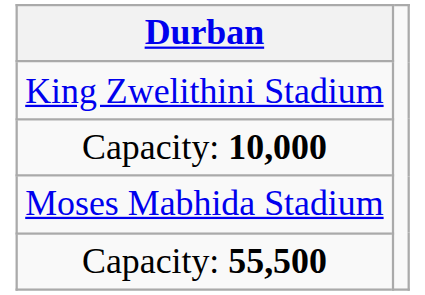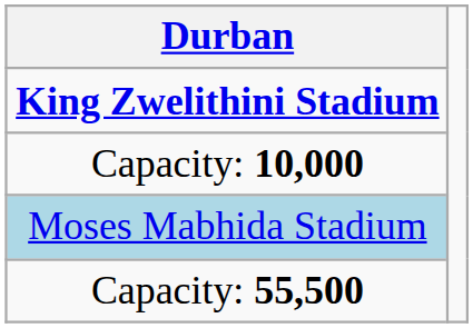 <table class="wikitable" style="text-align:center; margin:0.2em auto;">
 <tr>
 <th><a href='#'>Durban</a></th>
 <td rowspan="5"></td>
 </tr>
 <tr>
-<td><a href='#'>King Zwelithini Stadium</a></td>
+<td><strong><a href='#'>King Zwelithini Stadium</a></strong></td>
 </tr>
 <tr>
 <td>Capacity: <strong>10,000</strong></td>
 </tr>
 <tr>
-<td><a href='#'>Moses Mabhida Stadium</a></td>
+<td style="background: lightblue;"><a href='#'>Moses Mabhida Stadium</a></td>
 </tr>
 <tr>
 <td>Capacity: <strong>55,500</strong></td>
 </tr>
 </table>
